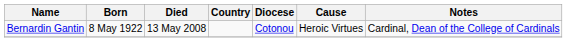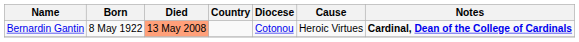 <table class="wikitable sortable">
 <tr>
 <th>Name</th>
 <th>Born</th>
 <th>Died</th>
 <th>Country</th>
 <th>Diocese</th>
 <th>Cause</th>
 <th>Notes</th>
 </tr>
 <tr>
 <td><a href='#'>Bernardin Gantin</a></td>
 <td>8 May 1922</td>
-<td>13 May 2008</td>
+<td style="background: lightsalmon;">13 May 2008</td>
 <td></td>
 <td><a href='#'>Cotonou</a></td>
 <td>Heroic Virtues</td>
-<td>Cardinal, <a href='#'>Dean of the College of Cardinals</a></td>
+<td><strong>Cardinal, <a href='#'>Dean of the College of Cardinals</a></strong></td>
 </tr>
 <tr>
 </tr>
 </table>
